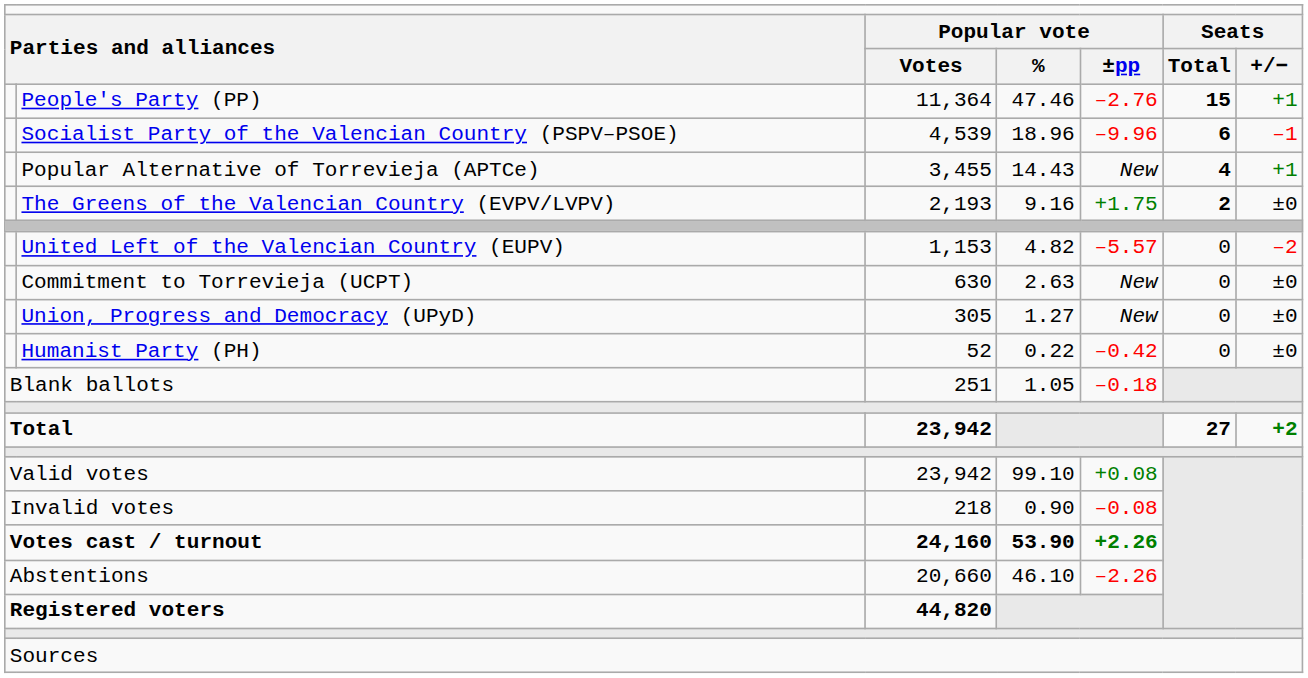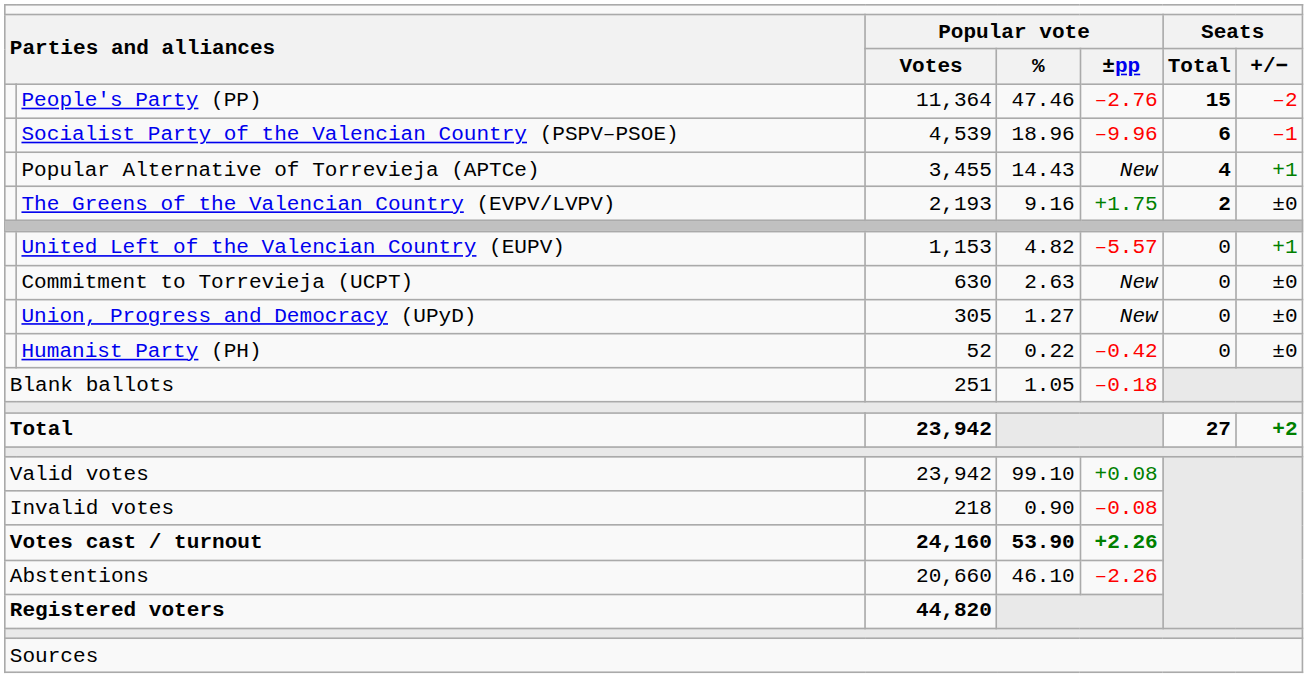 <table class="wikitable" style="text-align:right;">
 <tr>
 <td colspan="7"></td>
 </tr>
 <tr>
 <th style="text-align:left;" rowspan="2" colspan="2" width="525">Parties and alliances</th>
 <th colspan="3">Popular vote</th>
 <th colspan="2">Seats</th>
 </tr>
 <tr>
 <th width="75">Votes</th>
 <th width="45">%</th>
 <th width="45">±<a href='#'>pp</a></th>
 <th width="35">Total</th>
 <th width="35">+/−</th>
 </tr>
 <tr>
 <td width="1" style="color:inherit;background:"></td>
 <td align="left"><a href='#'>People's Party</a> (PP)</td>
 <td>11,364</td>
 <td>47.46</td>
 <td style="color:red;">–2.76</td>
 <td><strong>15</strong></td>
-<td style="color:green;">+1</td>
+<td style="color:red;">–2</td>
 </tr>
 <tr>
 <td style="color:inherit;background:"></td>
 <td align="left"><a href='#'>Socialist Party of the Valencian Country</a> (PSPV–PSOE)</td>
 <td>4,539</td>
 <td>18.96</td>
 <td style="color:red;">–9.96</td>
 <td><strong>6</strong></td>
 <td style="color:red;">–1</td>
 </tr>
 <tr>
 <td style="color:inherit;background:"></td>
 <td align="left">Popular Alternative of Torrevieja (APTCe)</td>
 <td>3,455</td>
 <td>14.43</td>
 <td><em>New</em></td>
 <td><strong>4</strong></td>
 <td style="color:green;">+1</td>
 </tr>
 <tr>
 <td style="color:inherit;background:"></td>
 <td align="left"><a href='#'>The Greens of the Valencian Country</a> (EVPV/LVPV)</td>
 <td>2,193</td>
 <td>9.16</td>
 <td style="color:green;">+1.75</td>
 <td><strong>2</strong></td>
 <td>±0</td>
 </tr>
 <tr>
 <td colspan="7" bgcolor="#C0C0C0"></td>
 </tr>
 <tr>
 <td style="color:inherit;background:"></td>
 <td align="left"><a href='#'>United Left of the Valencian Country</a> (EUPV)</td>
 <td>1,153</td>
 <td>4.82</td>
 <td style="color:red;">–5.57</td>
 <td>0</td>
-<td style="color:red;">–2</td>
+<td style="color:green;">+1</td>
 </tr>
 <tr>
 <td style="color:inherit;background:"></td>
 <td align="left">Commitment to Torrevieja (UCPT)</td>
 <td>630</td>
 <td>2.63</td>
 <td><em>New</em></td>
 <td>0</td>
 <td>±0</td>
 </tr>
 <tr>
 <td style="color:inherit;background:"></td>
 <td align="left"><a href='#'>Union, Progress and Democracy</a> (UPyD)</td>
 <td>305</td>
 <td>1.27</td>
 <td><em>New</em></td>
 <td>0</td>
 <td>±0</td>
 </tr>
 <tr>
 <td style="color:inherit;background:"></td>
 <td align="left"><a href='#'>Humanist Party</a> (PH)</td>
 <td>52</td>
 <td>0.22</td>
 <td style="color:red;">–0.42</td>
 <td>0</td>
 <td>±0</td>
 </tr>
 <tr>
 <td align="left" colspan="2">Blank ballots</td>
 <td>251</td>
 <td>1.05</td>
 <td style="color:red;">–0.18</td>
 <td bgcolor="#E9E9E9" colspan="2"></td>
 </tr>
 <tr>
 <td colspan="7" bgcolor="#E9E9E9"></td>
 </tr>
 <tr style="font-weight:bold;">
 <td align="left" colspan="2">Total</td>
 <td>23,942</td>
 <td bgcolor="#E9E9E9" colspan="2"></td>
 <td>27</td>
 <td style="color:green;">+2</td>
 </tr>
 <tr>
 <td colspan="7" bgcolor="#E9E9E9"></td>
 </tr>
 <tr>
 <td align="left" colspan="2">Valid votes</td>
 <td>23,942</td>
 <td>99.10</td>
 <td style="color:green;">+0.08</td>
 <td bgcolor="#E9E9E9" colspan="2" rowspan="5"></td>
 </tr>
 <tr>
 <td align="left" colspan="2">Invalid votes</td>
 <td>218</td>
 <td>0.90</td>
 <td style="color:red;">–0.08</td>
 </tr>
 <tr style="font-weight:bold;">
 <td align="left" colspan="2">Votes cast / turnout</td>
 <td>24,160</td>
 <td>53.90</td>
 <td style="color:green;">+2.26</td>
 </tr>
 <tr>
 <td align="left" colspan="2">Abstentions</td>
 <td>20,660</td>
 <td>46.10</td>
 <td style="color:red;">–2.26</td>
 </tr>
 <tr style="font-weight:bold;">
 <td align="left" colspan="2">Registered voters</td>
 <td>44,820</td>
 <td bgcolor="#E9E9E9" colspan="2"></td>
 </tr>
 <tr>
 <td colspan="7" bgcolor="#E9E9E9"></td>
 </tr>
 <tr>
 <td align="left" colspan="7">Sources</td>
 </tr>
 </table>
